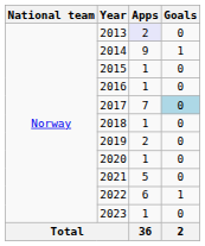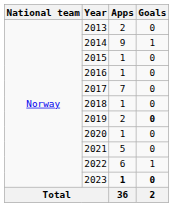 <table class="wikitable" style="text-align: center;">
 <tr>
 <th>National team</th>
 <th>Year</th>
 <th>Apps</th>
 <th>Goals</th>
 </tr>
 <tr>
 <td rowspan="11"><a href='#'>Norway</a></td>
 <td>2013</td>
-<td style="background: lavender;">2</td>
+<td>2</td>
 <td>0</td>
 </tr>
 <tr>
 <td>2014</td>
 <td>9</td>
 <td>1</td>
 </tr>
 <tr>
 <td>2015</td>
 <td>1</td>
 <td>0</td>
 </tr>
 <tr>
 <td>2016</td>
 <td>1</td>
 <td>0</td>
 </tr>
 <tr>
 <td>2017</td>
 <td>7</td>
-<td style="background: lightblue;">0</td>
+<td>0</td>
 </tr>
 <tr>
 <td>2018</td>
 <td>1</td>
 <td>0</td>
 </tr>
 <tr>
 <td>2019</td>
 <td>2</td>
-<td>0</td>
+<td><strong>0</strong></td>
 </tr>
 <tr>
 <td>2020</td>
 <td>1</td>
 <td>0</td>
 </tr>
 <tr>
 <td>2021</td>
 <td>5</td>
 <td>0</td>
 </tr>
 <tr>
 <td>2022</td>
 <td>6</td>
 <td>1</td>
 </tr>
 <tr>
 <td>2023</td>
-<td>1</td>
-<td>0</td>
+<td><strong>1</strong></td>
+<td><strong>0</strong></td>
 </tr>
 <tr>
 <th colspan="2">Total</th>
 <th>36</th>
 <th>2</th>
 </tr>
 </table>
